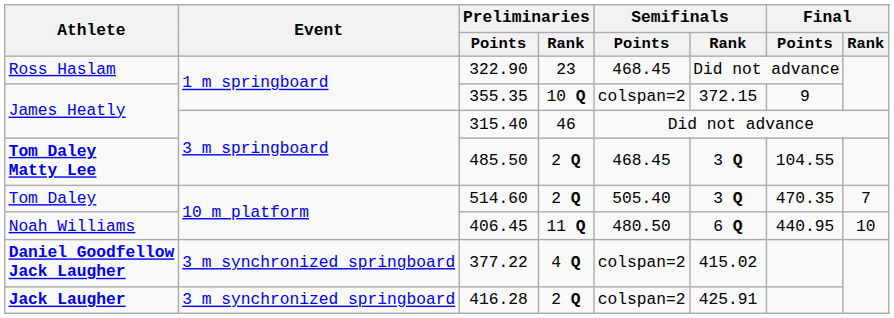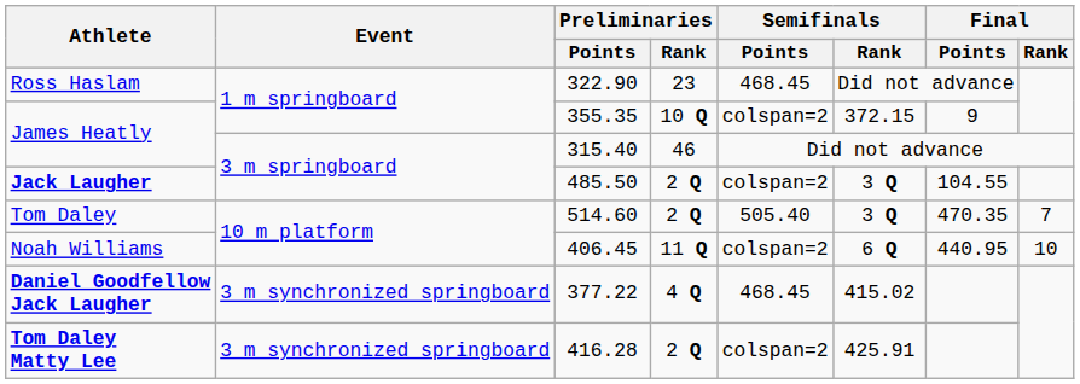 <table class="wikitable" style="text-align:center; font-size:90%">
 <tr>
 <th rowspan=2>Athlete</th>
 <th rowspan=2>Event</th>
 <th colspan=2>Preliminaries</th>
 <th colspan=2>Semifinals</th>
 <th colspan=2>Final</th>
 </tr>
 <tr style="font-size:95%">
 <th>Points</th>
 <th>Rank</th>
 <th>Points</th>
 <th>Rank</th>
 <th>Points</th>
 <th>Rank</th>
 </tr>
 <tr>
 <td align=left><a href='#'>Ross Haslam</a></td>
 <td align=left rowspan=2><a href='#'>1 m springboard</a></td>
 <td>322.90</td>
 <td>23</td>
 <td>468.45</td>
 <td colspan=2>Did not advance</td>
 </tr>
 <tr>
 <td align=left rowspan=2><a href='#'>James Heatly</a></td>
 <td>355.35</td>
 <td>10 <strong>Q</strong></td>
 <td>colspan=2 </td>
 <td>372.15</td>
 <td>9</td>
 </tr>
 <tr>
 <td rowspan=2 align=left><a href='#'>3 m springboard</a></td>
 <td>315.40</td>
 <td>46</td>
 <td colspan=4>Did not advance</td>
 </tr>
 <tr>
-<td align=left><strong><a href='#'>Tom Daley</a><br><a href='#'>Matty Lee</a></strong></td>
+<td align=left><strong><a href='#'>Jack Laugher</a></strong></td>
 <td>485.50</td>
 <td>2 <strong>Q</strong></td>
-<td>468.45</td>
+<td>colspan=2 </td>
 <td>3 <strong>Q</strong></td>
 <td>104.55</td>
 <td></td>
 </tr>
 <tr>
 <td align=left><a href='#'>Tom Daley</a></td>
 <td rowspan=2 align=left><a href='#'>10 m platform</a></td>
 <td>514.60</td>
 <td>2 <strong>Q</strong></td>
 <td>505.40</td>
 <td>3 <strong>Q</strong></td>
 <td>470.35</td>
 <td>7</td>
 </tr>
 <tr>
 <td align=left><a href='#'>Noah Williams</a></td>
 <td>406.45</td>
 <td>11 <strong>Q</strong></td>
-<td>480.50</td>
+<td>colspan=2 </td>
 <td>6 <strong>Q</strong></td>
 <td>440.95</td>
 <td>10</td>
 </tr>
 <tr>
 <td align=left><strong><a href='#'>Daniel Goodfellow</a><br><a href='#'>Jack Laugher</a></strong></td>
 <td align=left><a href='#'>3 m synchronized springboard</a></td>
 <td>377.22</td>
 <td>4 <strong>Q</strong></td>
-<td>colspan=2 </td>
+<td>468.45</td>
 <td>415.02</td>
 <td></td>
 </tr>
 <tr>
-<td align=left><strong><a href='#'>Jack Laugher</a></strong></td>
+<td align=left><strong><a href='#'>Tom Daley</a><br><a href='#'>Matty Lee</a></strong></td>
 <td align=left><a href='#'>3 m synchronized springboard</a></td>
 <td>416.28</td>
 <td>2 <strong>Q</strong></td>
 <td>colspan=2 </td>
 <td>425.91</td>
 <td></td>
 </tr>
 </table>
